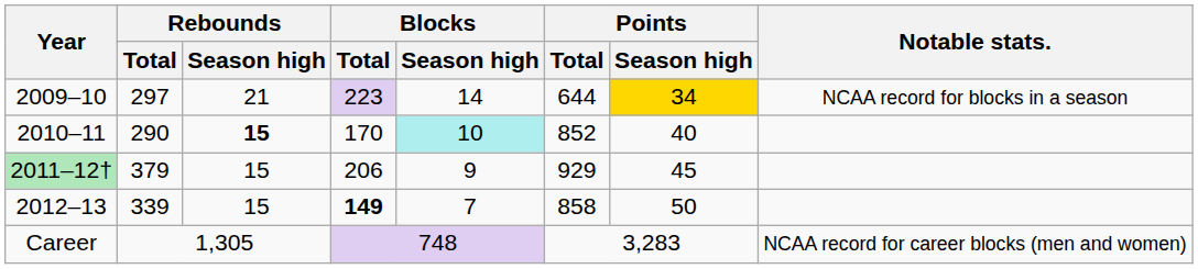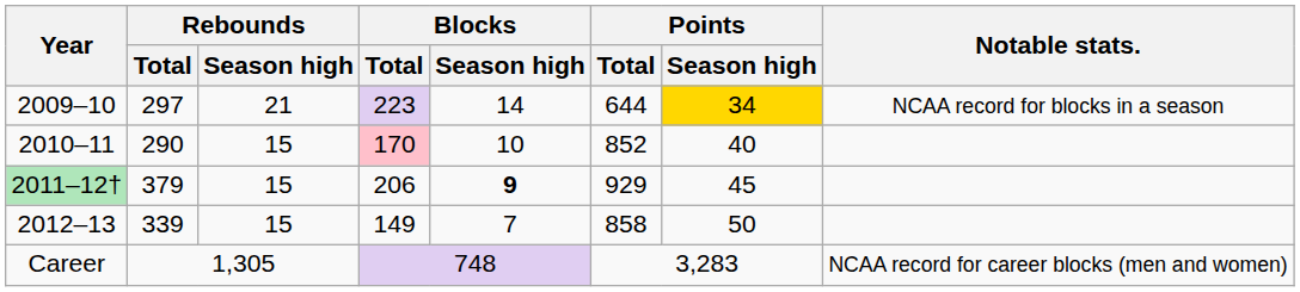 <table class="wikitable" style="text-align:center;">
 <tr>
 <th rowspan=2>Year</th>
 <th colspan=2>Rebounds</th>
 <th colspan=2>Blocks</th>
 <th colspan=2>Points</th>
 <th rowspan=2>Notable stats.</th>
 </tr>
 <tr>
 <th>Total</th>
 <th>Season high</th>
 <th>Total</th>
 <th>Season high</th>
 <th>Total</th>
 <th>Season high</th>
 </tr>
 <tr>
 <td>2009–10</td>
 <td>297</td>
 <td>21</td>
 <td style="background:#E0CEF2">223</td>
 <td>14</td>
 <td>644</td>
 <td style="background: gold;">34</td>
 <td><small>NCAA record for blocks in a season</small></td>
 </tr>
 <tr>
 <td>2010–11</td>
 <td>290</td>
-<td><strong>15</strong></td>
-<td>170</td>
-<td style="background: paleturquoise;">10</td>
+<td>15</td>
+<td style="background: pink;">170</td>
+<td>10</td>
 <td>852</td>
 <td>40</td>
 <td></td>
 </tr>
 <tr>
 <td style="background:#afe6ba;">2011–12†</td>
 <td>379</td>
 <td>15</td>
 <td>206</td>
-<td>9</td>
+<td><strong>9</strong></td>
 <td>929</td>
 <td>45</td>
 <td></td>
 </tr>
 <tr>
 <td>2012–13</td>
 <td>339</td>
 <td>15</td>
-<td><strong>149</strong></td>
+<td>149</td>
 <td>7</td>
 <td>858</td>
 <td>50</td>
 <td></td>
 </tr>
 <tr>
 <td>Career</td>
 <td colspan=2>1,305</td>
 <td colspan=2; style="background:#E0CEF2">748</td>
 <td colspan=2>3,283</td>
 <td><small>NCAA record for career blocks (men and women)</small></td>
 </tr>
 </table>
